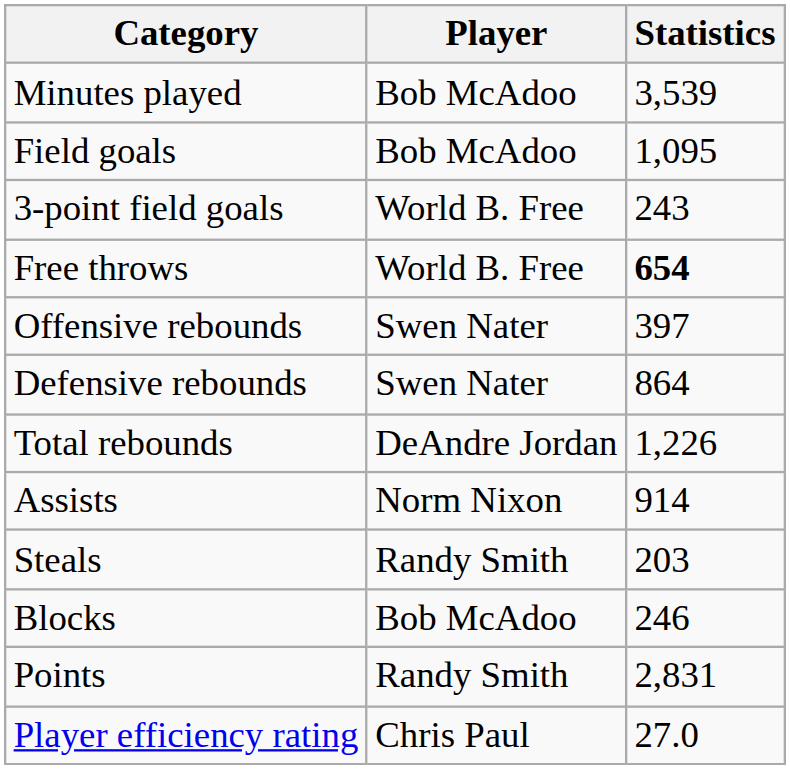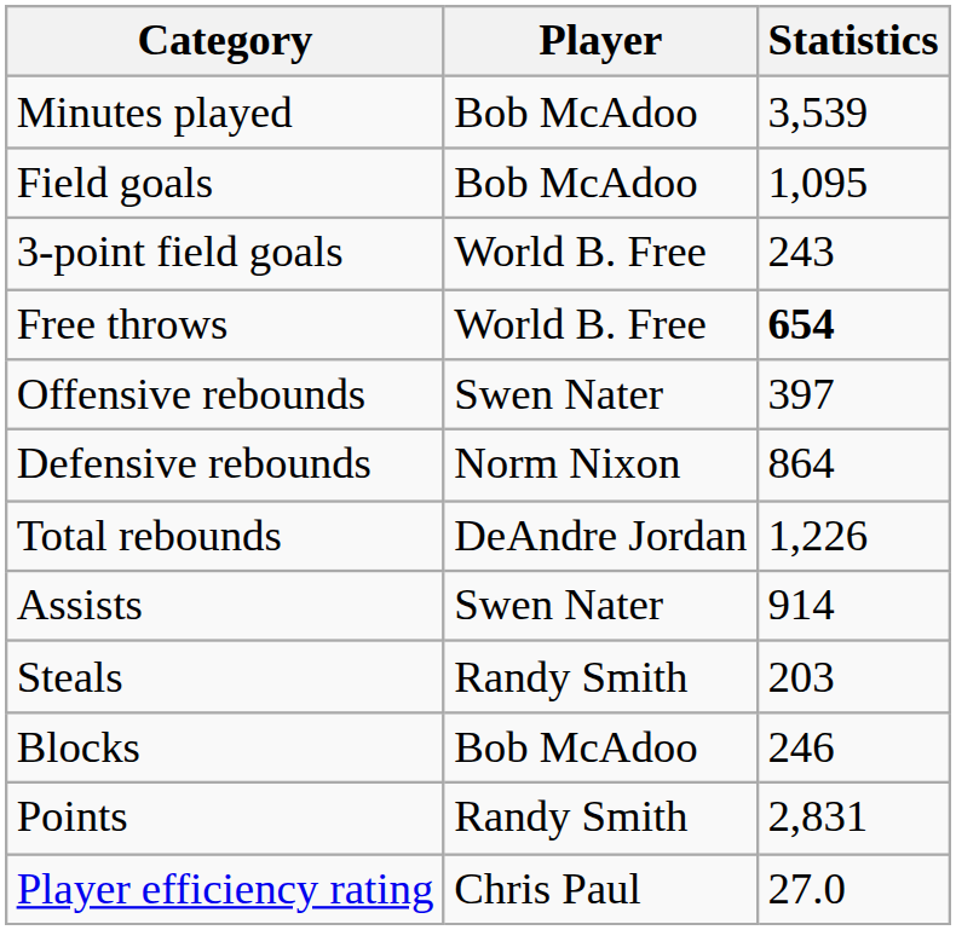 <table class="wikitable">
 <tr>
 <th>Category</th>
 <th>Player</th>
 <th>Statistics</th>
 </tr>
 <tr>
 <td>Minutes played</td>
 <td>Bob McAdoo</td>
 <td>3,539</td>
 </tr>
 <tr>
 <td>Field goals</td>
 <td>Bob McAdoo</td>
 <td>1,095</td>
 </tr>
 <tr>
 <td>3-point field goals</td>
 <td>World B. Free</td>
 <td>243</td>
 </tr>
 <tr>
 <td>Free throws</td>
 <td>World B. Free</td>
 <td><strong>654</strong></td>
 </tr>
 <tr>
 <td>Offensive rebounds</td>
 <td>Swen Nater</td>
 <td>397</td>
 </tr>
 <tr>
 <td>Defensive rebounds</td>
-<td>Swen Nater</td>
+<td>Norm Nixon</td>
 <td>864</td>
 </tr>
 <tr>
 <td>Total rebounds</td>
 <td>DeAndre Jordan</td>
 <td>1,226</td>
 </tr>
 <tr>
 <td>Assists</td>
-<td>Norm Nixon</td>
+<td>Swen Nater</td>
 <td>914</td>
 </tr>
 <tr>
 <td>Steals</td>
 <td>Randy Smith</td>
 <td>203</td>
 </tr>
 <tr>
 <td>Blocks</td>
 <td>Bob McAdoo</td>
 <td>246</td>
 </tr>
 <tr>
 <td>Points</td>
 <td>Randy Smith</td>
 <td>2,831</td>
 </tr>
 <tr>
 <td><a href='#'>Player efficiency rating</a></td>
 <td>Chris Paul</td>
 <td>27.0</td>
 </tr>
 </table>
